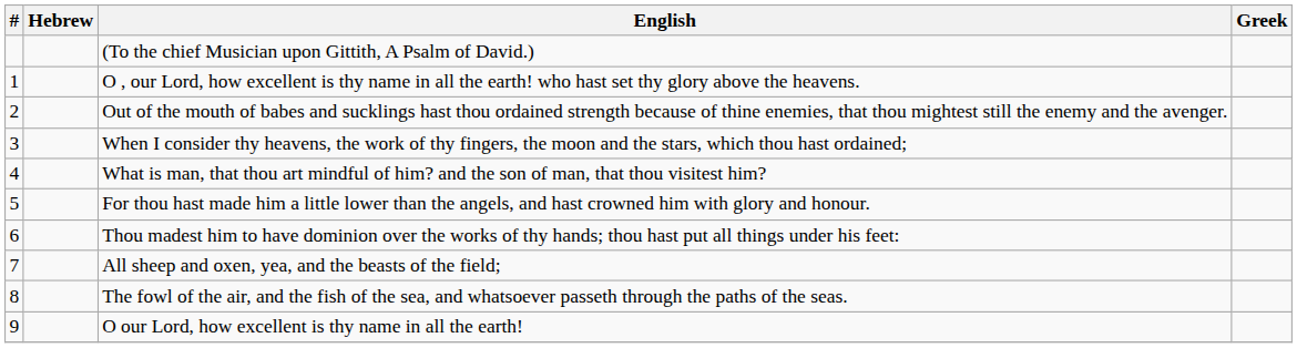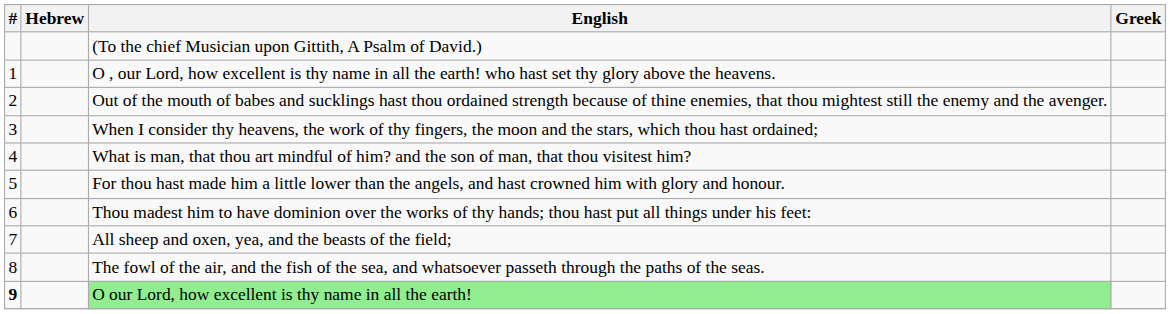 <table class=wikitable>
 <tr>
 <th>#</th>
 <th>Hebrew</th>
 <th>English</th>
 <th>Greek</th>
 </tr>
 <tr>
 <td style="text-align:right"></td>
 <td style="text-align:right"></td>
 <td>(To the chief Musician upon Gittith, A Psalm of David.)</td>
 <td></td>
 </tr>
 <tr>
 <td style="text-align:right">1</td>
 <td style="text-align:right"></td>
 <td>O , our Lord, how excellent is thy name in all the earth! who hast set thy glory above the heavens.</td>
 <td></td>
 </tr>
 <tr>
 <td style="text-align:right">2</td>
 <td style="text-align:right"></td>
 <td>Out of the mouth of babes and sucklings hast thou ordained strength because of thine enemies, that thou mightest still the enemy and the avenger.</td>
 <td></td>
 </tr>
 <tr>
 <td style="text-align:right">3</td>
 <td style="text-align:right"></td>
 <td>When I consider thy heavens, the work of thy fingers, the moon and the stars, which thou hast ordained;</td>
 <td></td>
 </tr>
 <tr>
 <td style="text-align:right">4</td>
 <td style="text-align:right"></td>
 <td>What is man, that thou art mindful of him? and the son of man, that thou visitest him?</td>
 <td></td>
 </tr>
 <tr>
 <td style="text-align:right">5</td>
 <td style="text-align:right"></td>
 <td>For thou hast made him a little lower than the angels, and hast crowned him with glory and honour.</td>
 <td></td>
 </tr>
 <tr>
 <td style="text-align:right">6</td>
 <td style="text-align:right"></td>
 <td>Thou madest him to have dominion over the works of thy hands; thou hast put all things under his feet:</td>
 <td></td>
 </tr>
 <tr>
 <td style="text-align:right">7</td>
 <td style="text-align:right"></td>
 <td>All sheep and oxen, yea, and the beasts of the field;</td>
 <td></td>
 </tr>
 <tr>
 <td style="text-align:right">8</td>
 <td style="text-align:right"></td>
 <td>The fowl of the air, and the fish of the sea, and whatsoever passeth through the paths of the seas.</td>
 <td></td>
 </tr>
 <tr>
-<td style="text-align:right">9</td>
+<td style="text-align:right"><strong>9</strong></td>
 <td style="text-align:right"></td>
-<td>O  our Lord, how excellent is thy name in all the earth!</td>
+<td style="background: lightgreen;">O  our Lord, how excellent is thy name in all the earth!</td>
 <td></td>
 </tr>
 <tr>
 </tr>
 </table>
